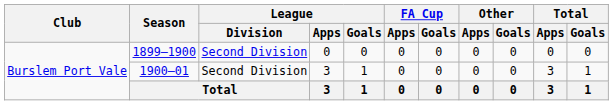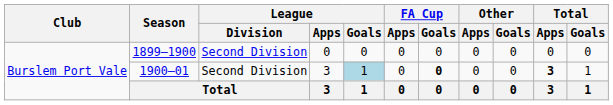 <table class="wikitable" style="text-align:center">
 <tr>
 <th rowspan="2">Club</th>
 <th rowspan="2">Season</th>
 <th colspan="3">League</th>
 <th colspan="2"><a href='#'>FA Cup</a></th>
 <th colspan="2">Other</th>
 <th colspan="2">Total</th>
 </tr>
 <tr>
 <th>Division</th>
 <th>Apps</th>
 <th>Goals</th>
 <th>Apps</th>
 <th>Goals</th>
 <th>Apps</th>
 <th>Goals</th>
 <th>Apps</th>
 <th>Goals</th>
 </tr>
 <tr>
 <td rowspan="3"><a href='#'>Burslem Port Vale</a></td>
 <td><a href='#'>1899–1900</a></td>
 <td><a href='#'>Second Division</a></td>
 <td>0</td>
 <td>0</td>
 <td>0</td>
 <td>0</td>
 <td>0</td>
 <td>0</td>
 <td>0</td>
 <td>0</td>
 </tr>
 <tr>
 <td><a href='#'>1900–01</a></td>
 <td>Second Division</td>
 <td>3</td>
-<td>1</td>
+<td style="background: lightblue;">1</td>
+<td>0</td>
+<td><strong>0</strong></td>
 <td>0</td>
 <td>0</td>
-<td>0</td>
-<td>0</td>
-<td>3</td>
+<td><strong>3</strong></td>
 <td>1</td>
 </tr>
 <tr>
 <th colspan="2">Total</th>
 <th>3</th>
 <th>1</th>
 <th>0</th>
 <th>0</th>
 <th>0</th>
 <th>0</th>
 <th>3</th>
 <th>1</th>
 </tr>
 </table>
